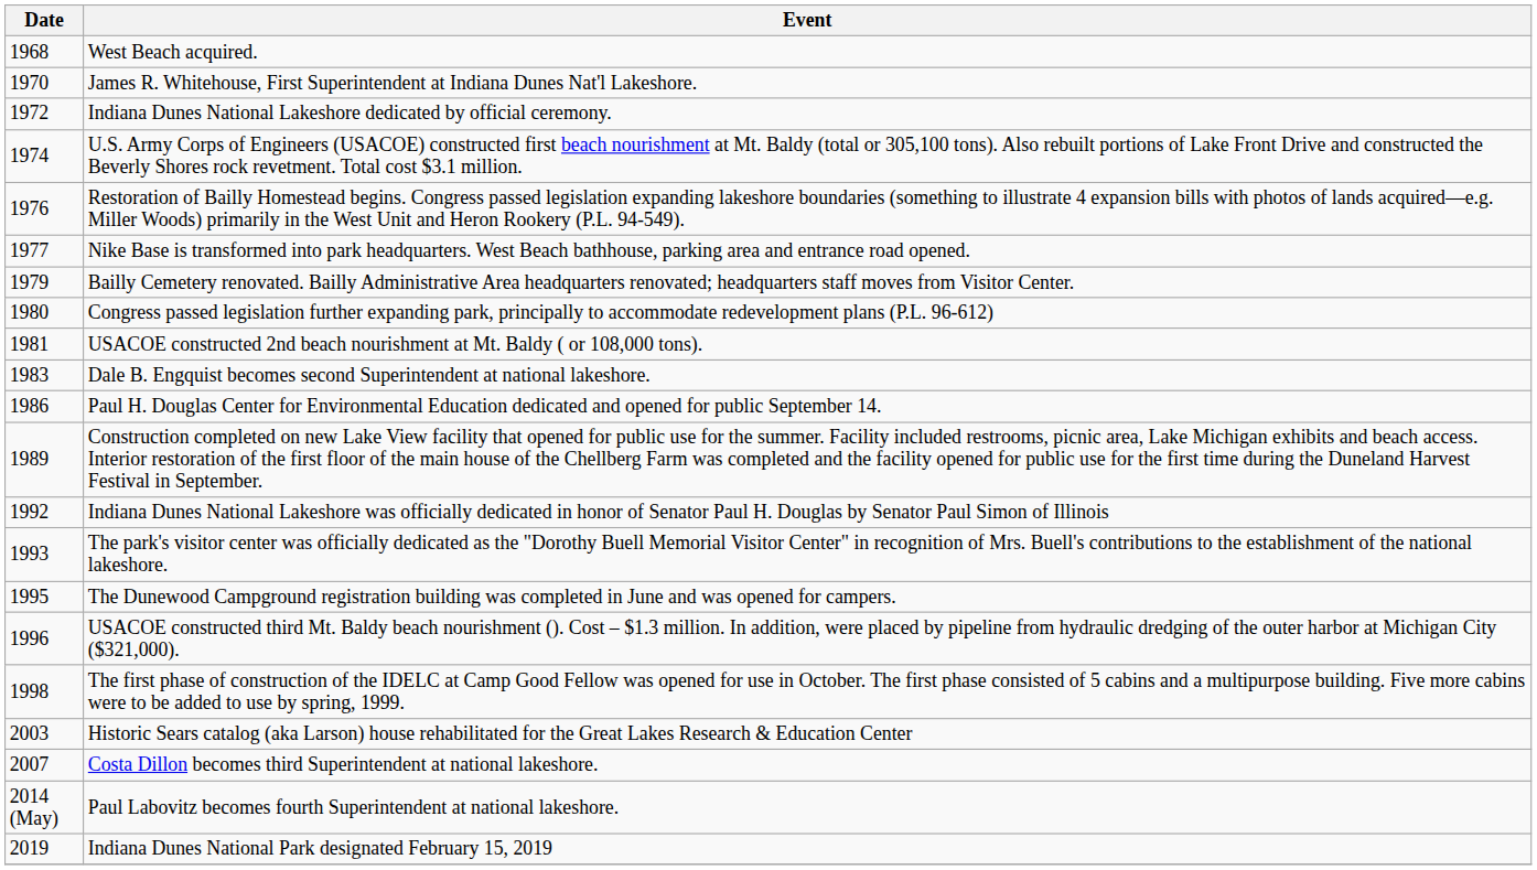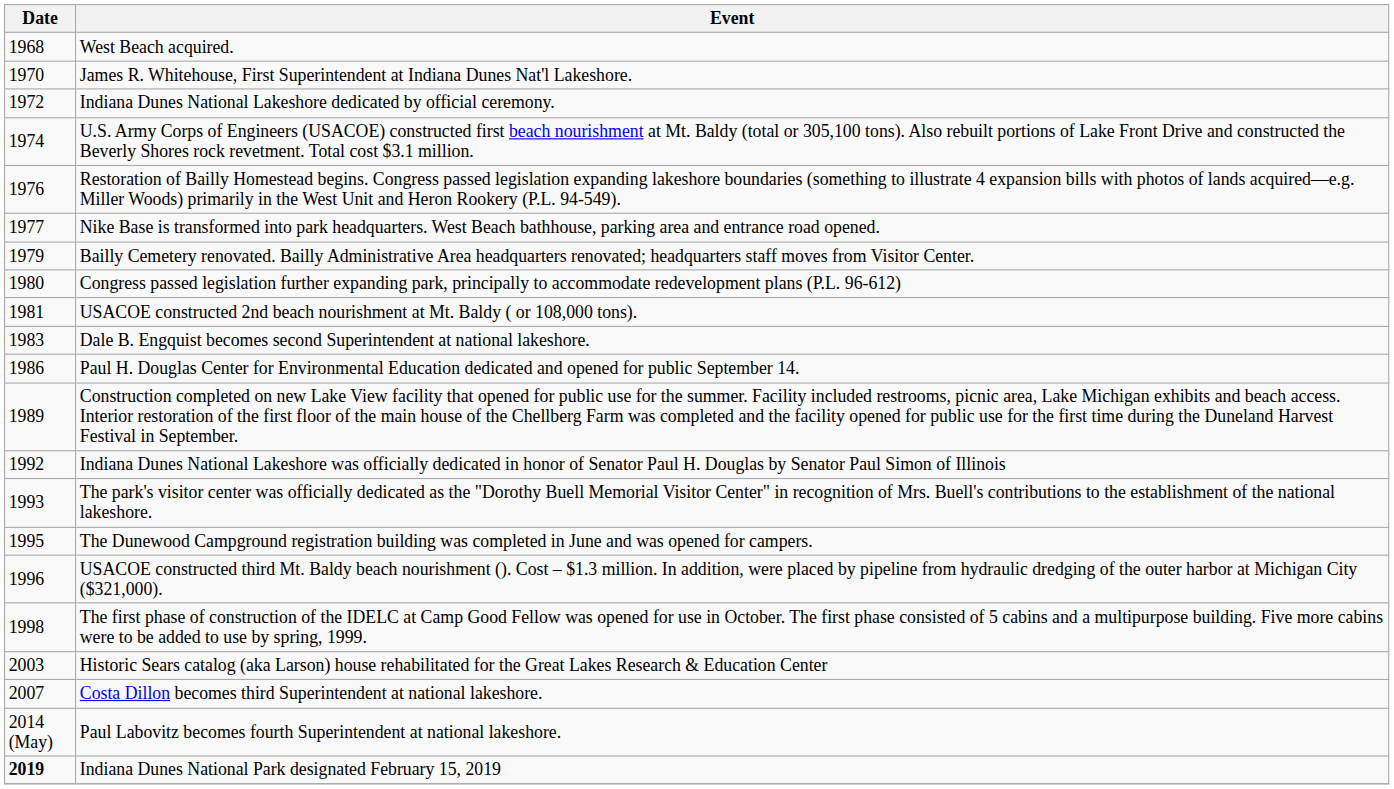 <table class="wikitable" border="1">
 <tr>
 <th>Date</th>
 <th>Event</th>
 </tr>
 <tr>
 <td>1968</td>
 <td>West Beach acquired.</td>
 </tr>
 <tr>
 <td>1970</td>
 <td>James R. Whitehouse, First Superintendent at Indiana Dunes Nat'l Lakeshore.</td>
 </tr>
 <tr>
 <td>1972</td>
 <td>Indiana Dunes National Lakeshore dedicated by official ceremony.</td>
 </tr>
 <tr>
 <td>1974</td>
 <td>U.S. Army Corps of Engineers (USACOE) constructed first <a href='#'>beach nourishment</a> at Mt. Baldy (total  or 305,100 tons).  Also rebuilt portions of Lake Front Drive and constructed the Beverly Shores rock revetment.  Total cost $3.1 million.</td>
 </tr>
 <tr>
 <td>1976</td>
 <td>Restoration of Bailly Homestead begins. Congress passed legislation expanding lakeshore boundaries (something to illustrate 4 expansion bills with photos of lands acquired—e.g. Miller Woods) primarily in the West Unit and Heron Rookery (P.L. 94-549).</td>
 </tr>
 <tr>
 <td>1977</td>
 <td>Nike Base is transformed into park headquarters. West Beach bathhouse, parking area and entrance road opened.</td>
 </tr>
 <tr>
 <td>1979</td>
 <td>Bailly Cemetery renovated. Bailly Administrative Area headquarters renovated; headquarters staff moves from Visitor Center.</td>
 </tr>
 <tr>
 <td>1980</td>
 <td>Congress passed legislation further expanding park, principally to accommodate redevelopment plans (P.L. 96-612)</td>
 </tr>
 <tr>
 <td>1981</td>
 <td>USACOE constructed 2nd beach nourishment at Mt. Baldy ( or 108,000 tons).</td>
 </tr>
 <tr>
 <td>1983</td>
 <td>Dale B. Engquist becomes second Superintendent at national lakeshore.</td>
 </tr>
 <tr>
 <td>1986</td>
 <td>Paul H. Douglas Center for Environmental Education dedicated and opened for public September 14.</td>
 </tr>
 <tr>
 <td>1989</td>
 <td>Construction completed on new Lake View facility that opened for public use for the summer.  Facility included restrooms, picnic area, Lake Michigan exhibits and beach access. Interior restoration of the first floor of the main house of the Chellberg Farm was completed and the facility opened for public use for the first time during the Duneland Harvest Festival in September.</td>
 </tr>
 <tr>
 <td>1992</td>
 <td>Indiana Dunes National Lakeshore was officially dedicated in honor of Senator Paul H. Douglas by Senator Paul Simon of Illinois</td>
 </tr>
 <tr>
 <td>1993</td>
 <td>The park's visitor center was officially dedicated as the "Dorothy Buell Memorial Visitor Center" in recognition of Mrs. Buell's contributions to the establishment of the national lakeshore.</td>
 </tr>
 <tr>
 <td>1995</td>
 <td>The Dunewood Campground registration building was completed in June and was opened for campers.</td>
 </tr>
 <tr>
 <td>1996</td>
 <td>USACOE constructed third Mt. Baldy beach nourishment (). Cost – $1.3 million.  In addition,  were placed by pipeline from hydraulic dredging of the outer harbor at Michigan City ($321,000).</td>
 </tr>
 <tr>
 <td>1998</td>
 <td>The first phase of construction of the IDELC at Camp Good Fellow was opened for use in October.  The first phase consisted of 5 cabins and a multipurpose building.  Five more cabins were to be added to use by spring, 1999.</td>
 </tr>
 <tr>
 <td>2003</td>
 <td>Historic Sears catalog (aka Larson) house rehabilitated for the Great Lakes Research & Education Center</td>
 </tr>
 <tr>
 <td>2007</td>
 <td><a href='#'>Costa Dillon</a> becomes third Superintendent at national lakeshore.</td>
 </tr>
 <tr>
 <td>2014 (May)</td>
 <td>Paul Labovitz becomes fourth Superintendent at national lakeshore.</td>
 </tr>
 <tr>
-<td>2019</td>
+<td><strong>2019</strong></td>
 <td>Indiana Dunes National Park designated February 15, 2019</td>
 </tr>
 <tr>
 </tr>
 </table>
